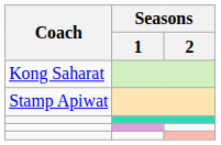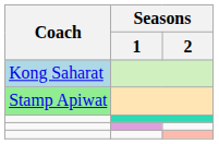 <table class="wikitable">
 <tr>
 <th rowspan="2">Coach</th>
 <th colspan="2">Seasons</th>
 </tr>
 <tr>
 <th width="40">1</th>
 <th width="40">2</th>
 </tr>
 <tr>
-<td><a href='#'>Kong Saharat</a></td>
+<td style="background: lightblue;"><a href='#'>Kong Saharat</a></td>
 <td colspan="2" style="background:#d0f0c0"></td>
 </tr>
 <tr>
-<td><a href='#'>Stamp Apiwat</a></td>
+<td style="background: lightgreen;"><a href='#'>Stamp Apiwat</a></td>
 <td colspan="2" style="background:#ffe5b4"></td>
 </tr>
 <tr>
 <td></td>
 <td colspan="2" style="background:#2ddab4"></td>
 </tr>
 <tr>
 <td></td>
 <td style="background:#dda0dd"></td>
 <td></td>
 </tr>
 <tr>
 <td></td>
 <td></td>
 <td style="background:#febaad"></td>
 </tr>
 </table>
